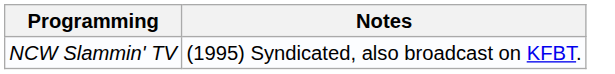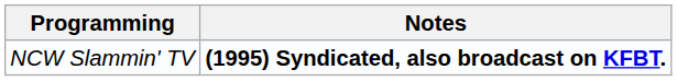 <table class="wikitable" style="background:#fcfdff; font-size:95%;">
 <tr>
 <th>Programming</th>
 <th>Notes</th>
 </tr>
 <tr>
 <td><em>NCW Slammin' TV</em></td>
-<td>(1995) Syndicated, also broadcast on <a href='#'>KFBT</a>.</td>
+<td><strong>(1995) Syndicated, also broadcast on <a href='#'>KFBT</a>.</strong></td>
 </tr>
 </table>
